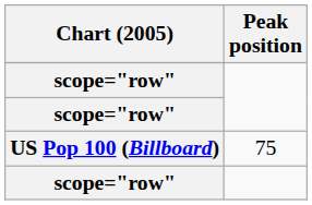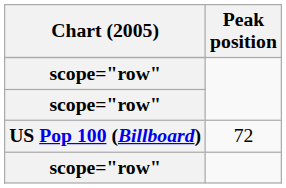 <table class="wikitable sortable plainrowheaders" style="text-align:center;">
 <tr>
 <th scope="col">Chart (2005)</th>
 <th scope="col">Peak<br>position</th>
 </tr>
 <tr>
 </tr>
 <tr>
 <th>scope="row"</th>
 </tr>
 <tr>
 <th>scope="row"</th>
 </tr>
 <tr>
 <th scope="row">US <a href='#'>Pop 100</a> (<a href='#'><em>Billboard</em></a>)</th>
-<td>75</td>
+<td>72</td>
 </tr>
 <tr>
 <th>scope="row"</th>
 </tr>
 </table>
